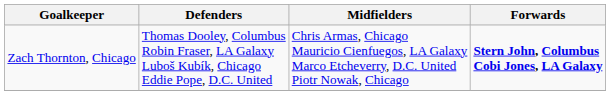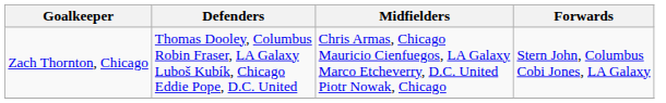 <table class="wikitable">
 <tr style="background:#cccccc;">
 <th>Goalkeeper</th>
 <th>Defenders</th>
 <th>Midfielders</th>
 <th>Forwards</th>
 </tr>
 <tr>
 <td> <a href='#'>Zach Thornton</a>, <a href='#'>Chicago</a></td>
 <td> <a href='#'>Thomas Dooley</a>, <a href='#'>Columbus</a><br> <a href='#'>Robin Fraser</a>, <a href='#'>LA Galaxy</a><br> <a href='#'>Luboš Kubík</a>, <a href='#'>Chicago</a><br> <a href='#'>Eddie Pope</a>, <a href='#'>D.C. United</a></td>
 <td> <a href='#'>Chris Armas</a>, <a href='#'>Chicago</a><br> <a href='#'>Mauricio Cienfuegos</a>, <a href='#'>LA Galaxy</a><br> <a href='#'>Marco Etcheverry</a>, <a href='#'>D.C. United</a><br> <a href='#'>Piotr Nowak</a>, <a href='#'>Chicago</a></td>
-<td><strong> <a href='#'>Stern John</a>, <a href='#'>Columbus</a><br> <a href='#'>Cobi Jones</a>, <a href='#'>LA Galaxy</a></strong></td>
+<td> <a href='#'>Stern John</a>, <a href='#'>Columbus</a><br> <a href='#'>Cobi Jones</a>, <a href='#'>LA Galaxy</a></td>
 </tr>
 <tr style="background:#f4f4f4;">
 </tr>
 </table>
